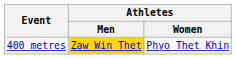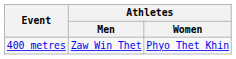 <table class=wikitable style="font-size:90%">
 <tr>
 <th rowspan=2>Event</th>
 <th colspan=2>Athletes</th>
 </tr>
 <tr>
 <th>Men</th>
 <th>Women</th>
 </tr>
 <tr>
 <td><a href='#'>400 metres</a></td>
-<td style="background: gold;"><a href='#'>Zaw Win Thet</a></td>
+<td><a href='#'>Zaw Win Thet</a></td>
 <td><a href='#'>Phyo Thet Khin</a></td>
 </tr>
 </table>
